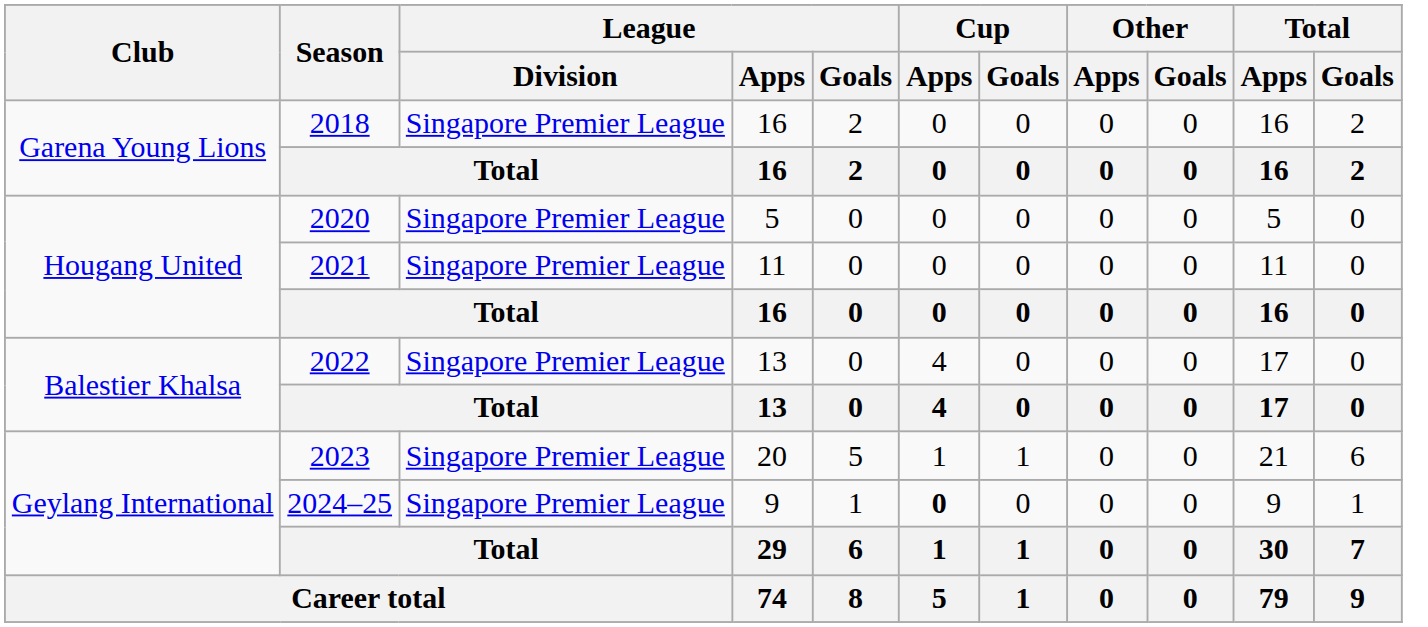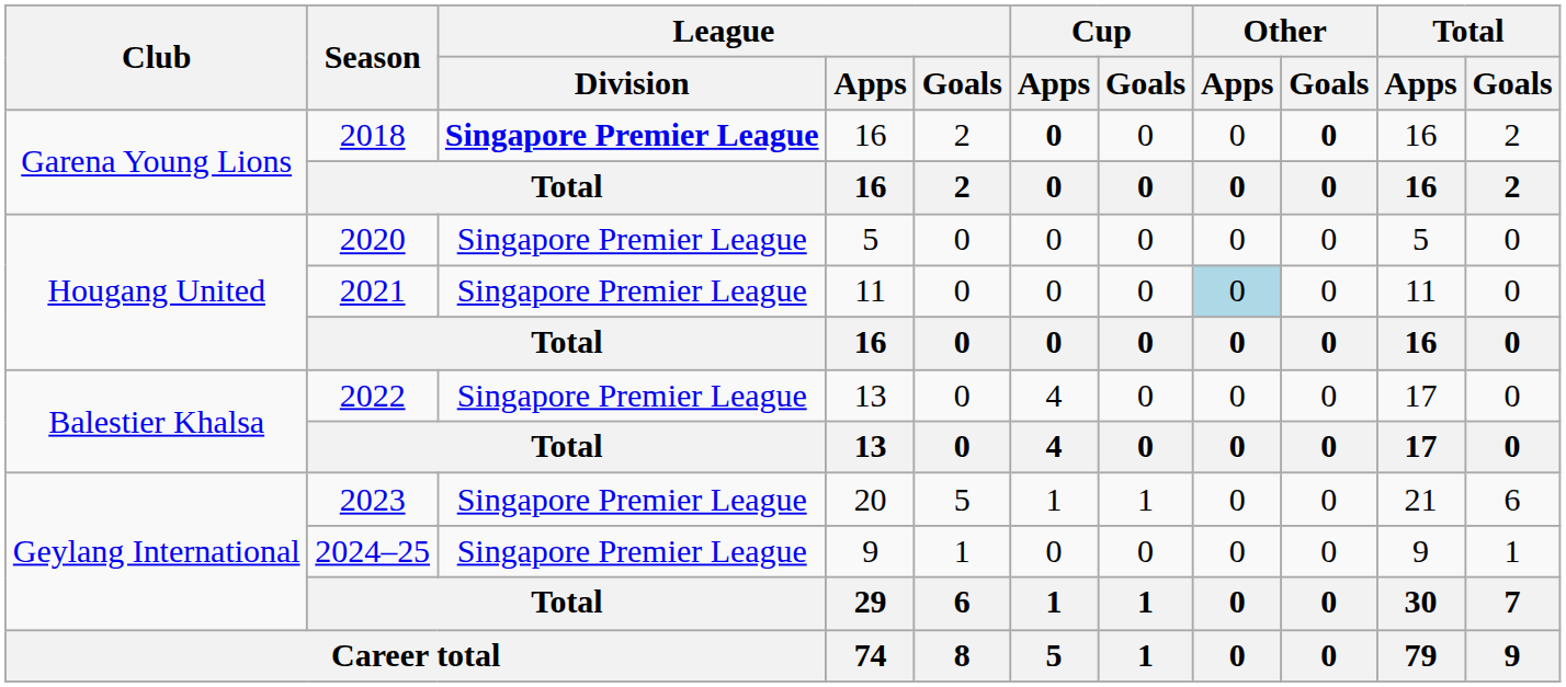 <table class="wikitable" style="text-align: center">
 <tr>
 <th rowspan="2">Club</th>
 <th rowspan="2">Season</th>
 <th colspan="3">League</th>
 <th colspan="2">Cup</th>
 <th colspan="2">Other</th>
 <th colspan="2">Total</th>
 </tr>
 <tr>
 <th>Division</th>
 <th>Apps</th>
 <th>Goals</th>
 <th>Apps</th>
 <th>Goals</th>
 <th>Apps</th>
 <th>Goals</th>
 <th>Apps</th>
 <th>Goals</th>
 </tr>
 <tr>
 <td rowspan="2"><a href='#'>Garena Young Lions</a></td>
 <td><a href='#'>2018</a></td>
-<td><a href='#'>Singapore Premier League</a></td>
+<td><strong><a href='#'>Singapore Premier League</a></strong></td>
 <td>16</td>
 <td>2</td>
+<td><strong>0</strong></td>
 <td>0</td>
 <td>0</td>
-<td>0</td>
-<td>0</td>
+<td><strong>0</strong></td>
 <td>16</td>
 <td>2</td>
 </tr>
 <tr>
 <th colspan=2>Total</th>
 <th>16</th>
 <th>2</th>
 <th>0</th>
 <th>0</th>
 <th>0</th>
 <th>0</th>
 <th>16</th>
 <th>2</th>
 </tr>
 <tr>
 <td rowspan="3"><a href='#'>Hougang United</a></td>
 <td><a href='#'>2020</a></td>
 <td><a href='#'>Singapore Premier League</a></td>
 <td>5</td>
 <td>0</td>
 <td>0</td>
 <td>0</td>
 <td>0</td>
 <td>0</td>
 <td>5</td>
 <td>0</td>
 </tr>
 <tr>
 <td><a href='#'>2021</a></td>
 <td><a href='#'>Singapore Premier League</a></td>
 <td>11</td>
 <td>0</td>
 <td>0</td>
 <td>0</td>
-<td>0</td>
+<td style="background: lightblue;">0</td>
 <td>0</td>
 <td>11</td>
 <td>0</td>
 </tr>
 <tr>
 <th colspan=2>Total</th>
 <th>16</th>
 <th>0</th>
 <th>0</th>
 <th>0</th>
 <th>0</th>
 <th>0</th>
 <th>16</th>
 <th>0</th>
 </tr>
 <tr>
 <td rowspan="2"><a href='#'>Balestier Khalsa</a></td>
 <td><a href='#'>2022</a></td>
 <td><a href='#'>Singapore Premier League</a></td>
 <td>13</td>
 <td>0</td>
 <td>4</td>
 <td>0</td>
 <td>0</td>
 <td>0</td>
 <td>17</td>
 <td>0</td>
 </tr>
 <tr>
 <th colspan=2>Total</th>
 <th>13</th>
 <th>0</th>
 <th>4</th>
 <th>0</th>
 <th>0</th>
 <th>0</th>
 <th>17</th>
 <th>0</th>
 </tr>
 <tr>
 <td rowspan="3"><a href='#'>Geylang International</a></td>
 <td><a href='#'>2023</a></td>
 <td><a href='#'>Singapore Premier League</a></td>
 <td>20</td>
 <td>5</td>
 <td>1</td>
 <td>1</td>
 <td>0</td>
 <td>0</td>
 <td>21</td>
 <td>6</td>
 </tr>
 <tr>
 <td><a href='#'>2024–25</a></td>
 <td><a href='#'>Singapore Premier League</a></td>
 <td>9</td>
 <td>1</td>
-<td><strong>0</strong></td>
+<td>0</td>
 <td>0</td>
 <td>0</td>
 <td>0</td>
 <td>9</td>
 <td>1</td>
 </tr>
 <tr>
 <th colspan=2>Total</th>
 <th>29</th>
 <th>6</th>
 <th>1</th>
 <th>1</th>
 <th>0</th>
 <th>0</th>
 <th>30</th>
 <th>7</th>
 </tr>
 <tr>
 <th colspan=3>Career total</th>
 <th>74</th>
 <th>8</th>
 <th>5</th>
 <th>1</th>
 <th>0</th>
 <th>0</th>
 <th>79</th>
 <th>9</th>
 </tr>
 </table>
